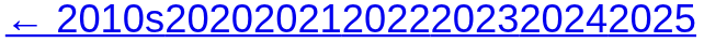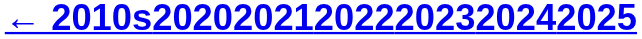 <table id=toc class=toc summary=Contents>
 <tr>
 <th></th>
 </tr>
 <tr>
-<td><a href='#'>← 2010s</a><a href='#'>2020</a><a href='#'>2021</a><a href='#'>2022</a><a href='#'>2023</a><a href='#'>2024</a><a href='#'>2025</a></td>
+<td><strong><a href='#'>← 2010s</a><a href='#'>2020</a><a href='#'>2021</a><a href='#'>2022</a><a href='#'>2023</a><a href='#'>2024</a><a href='#'>2025</a></strong></td>
 </tr>
 </table>
